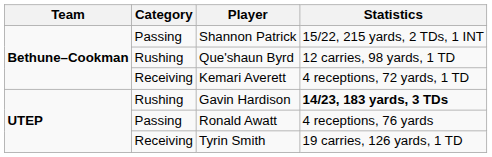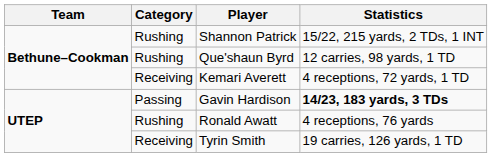 <table class="wikitable" style="float: left;">
 <tr>
 <th>Team</th>
 <th>Category</th>
 <th>Player</th>
 <th>Statistics</th>
 </tr>
 <tr>
 <td rowspan=3><strong>Bethune–Cookman</strong></td>
-<td>Passing</td>
+<td>Rushing</td>
 <td>Shannon Patrick</td>
 <td>15/22, 215 yards, 2 TDs, 1 INT</td>
 </tr>
 <tr>
 <td>Rushing</td>
 <td>Que'shaun Byrd</td>
 <td>12 carries, 98 yards, 1 TD</td>
 </tr>
 <tr>
 <td>Receiving</td>
 <td>Kemari Averett</td>
 <td>4 receptions, 72 yards, 1 TD</td>
 </tr>
 <tr>
 <td rowspan=3><strong>UTEP</strong></td>
-<td>Rushing</td>
+<td>Passing</td>
 <td>Gavin Hardison</td>
 <td><strong>14/23, 183 yards, 3 TDs</strong></td>
 </tr>
 <tr>
-<td>Passing</td>
+<td>Rushing</td>
 <td>Ronald Awatt</td>
 <td>4 receptions, 76 yards</td>
 </tr>
 <tr>
 <td>Receiving</td>
 <td>Tyrin Smith</td>
 <td>19 carries, 126 yards, 1 TD</td>
 </tr>
 </table>
